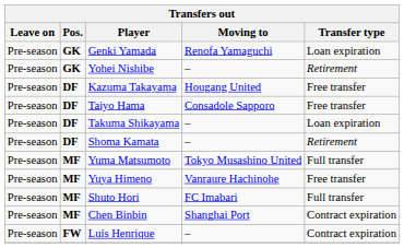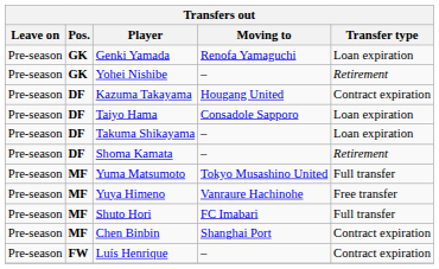 <table class="wikitable sortable" style=“text-align:left;>
 <tr>
 <th colspan="5">Transfers out</th>
 </tr>
 <tr>
 <th>Leave on</th>
 <th>Pos.</th>
 <th>Player</th>
 <th>Moving to</th>
 <th>Transfer type</th>
 </tr>
 <tr>
 <td>Pre-season</td>
 <td><strong>GK</strong></td>
 <td> <a href='#'>Genki Yamada</a></td>
 <td> <a href='#'>Renofa Yamaguchi</a></td>
 <td>Loan expiration</td>
 </tr>
 <tr>
 <td>Pre-season</td>
 <td><strong>GK</strong></td>
 <td> <a href='#'>Yohei Nishibe</a></td>
 <td>–</td>
 <td><em>Retirement</em></td>
 </tr>
 <tr>
 <td>Pre-season</td>
 <td><strong>DF</strong></td>
 <td> <a href='#'>Kazuma Takayama</a></td>
 <td> <a href='#'>Hougang United</a></td>
-<td>Free transfer</td>
+<td>Contract expiration</td>
 </tr>
 <tr>
 <td>Pre-season</td>
 <td><strong>DF</strong></td>
 <td> <a href='#'>Taiyo Hama</a></td>
 <td> <a href='#'>Consadole Sapporo</a></td>
-<td>Free transfer</td>
+<td>Loan expiration</td>
 </tr>
 <tr>
 <td>Pre-season</td>
 <td><strong>DF</strong></td>
 <td> <a href='#'>Takuma Shikayama</a></td>
 <td>–</td>
 <td>Loan expiration</td>
 </tr>
 <tr>
 <td>Pre-season</td>
 <td><strong>DF</strong></td>
 <td> <a href='#'>Shoma Kamata</a></td>
 <td>–</td>
 <td><em>Retirement</em></td>
 </tr>
 <tr>
 <td>Pre-season</td>
 <td><strong>MF</strong></td>
 <td> <a href='#'>Yuma Matsumoto</a></td>
 <td> <a href='#'>Tokyo Musashino United</a></td>
 <td>Full transfer</td>
 </tr>
 <tr>
 <td>Pre-season</td>
 <td><strong>MF</strong></td>
 <td> <a href='#'>Yuya Himeno</a></td>
 <td> <a href='#'>Vanraure Hachinohe</a></td>
 <td>Free transfer</td>
 </tr>
 <tr>
 <td>Pre-season</td>
 <td><strong>MF</strong></td>
 <td> <a href='#'>Shuto Hori</a></td>
 <td> <a href='#'>FC Imabari</a></td>
 <td>Full transfer</td>
 </tr>
 <tr>
 <td>Pre-season</td>
 <td><strong>MF</strong></td>
 <td> <a href='#'>Chen Binbin</a></td>
 <td> <a href='#'>Shanghai Port</a></td>
 <td>Contract expiration</td>
 </tr>
 <tr>
 <td>Pre-season</td>
 <td><strong>FW</strong></td>
 <td> <a href='#'>Luís Henrique</a></td>
 <td>–</td>
 <td>Contract expiration</td>
 </tr>
 <tr>
 </tr>
 </table>
